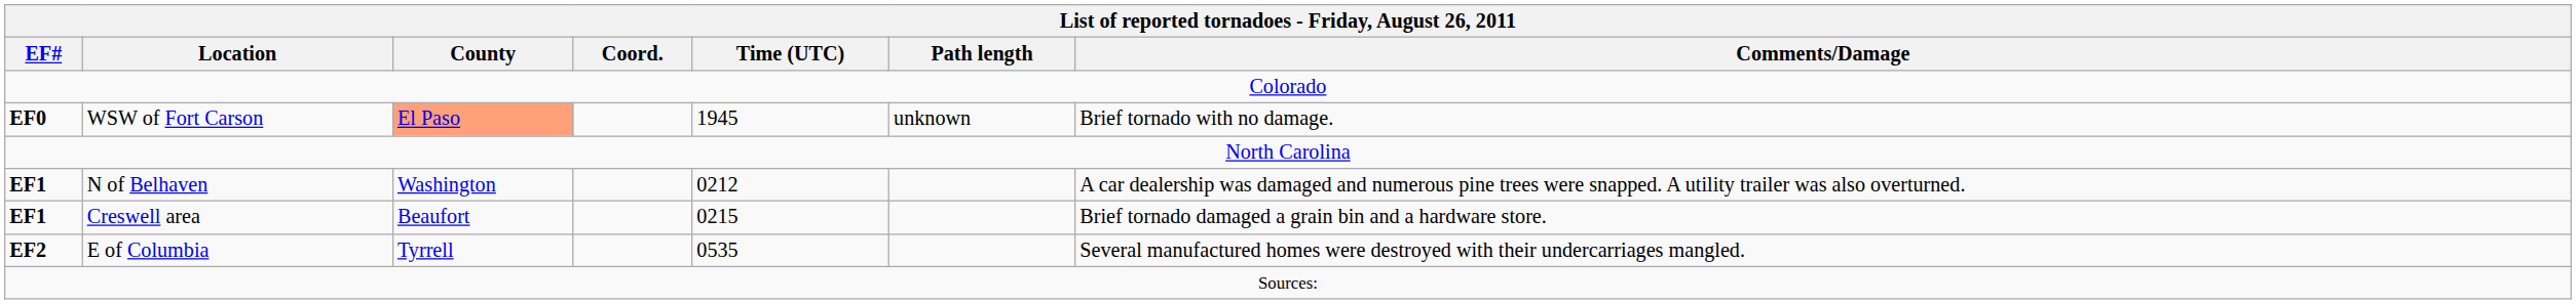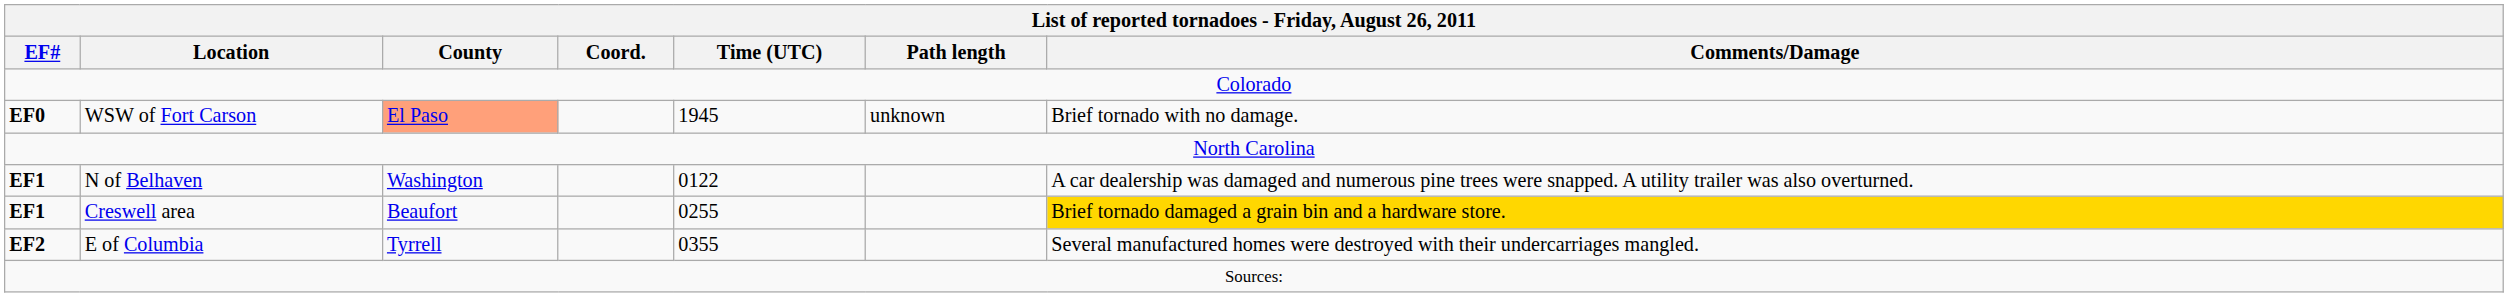 <table class="wikitable collapsible" width="100%">
 <tr>
 <th colspan="7">List of reported tornadoes - Friday, August 26, 2011</th>
 </tr>
 <tr>
 <th><a href='#'>EF#</a></th>
 <th>Location</th>
 <th>County</th>
 <th>Coord.</th>
 <th>Time (UTC)</th>
 <th>Path length</th>
 <th>Comments/Damage</th>
 </tr>
 <tr>
 <td colspan="7" align=center><a href='#'>Colorado</a></td>
 </tr>
 <tr>
 <td><strong>EF0</strong></td>
 <td>WSW of <a href='#'>Fort Carson</a></td>
 <td style="background: lightsalmon;"><a href='#'>El Paso</a></td>
 <td></td>
 <td>1945</td>
 <td>unknown</td>
 <td>Brief tornado with no damage.</td>
 </tr>
 <tr>
 <td colspan="7" align=center><a href='#'>North Carolina</a></td>
 </tr>
 <tr>
 <td><strong>EF1</strong></td>
 <td>N of <a href='#'>Belhaven</a></td>
 <td><a href='#'>Washington</a></td>
 <td></td>
-<td>0212</td>
+<td>0122</td>
 <td></td>
 <td>A car dealership was damaged and numerous pine trees were snapped. A utility trailer was also overturned.</td>
 </tr>
 <tr>
 <td><strong>EF1</strong></td>
 <td><a href='#'>Creswell</a> area</td>
 <td><a href='#'>Beaufort</a></td>
 <td></td>
-<td>0215</td>
+<td>0255</td>
 <td></td>
-<td>Brief tornado damaged a grain bin and a hardware store.</td>
+<td style="background: gold;">Brief tornado damaged a grain bin and a hardware store.</td>
 </tr>
 <tr>
 <td><strong>EF2</strong></td>
 <td>E of <a href='#'>Columbia</a></td>
 <td><a href='#'>Tyrrell</a></td>
 <td></td>
-<td>0535</td>
+<td>0355</td>
 <td></td>
 <td>Several manufactured homes were destroyed with their undercarriages mangled.</td>
 </tr>
 <tr>
 <td colspan="7" align=center><small>Sources: </small></td>
 </tr>
 </table>
